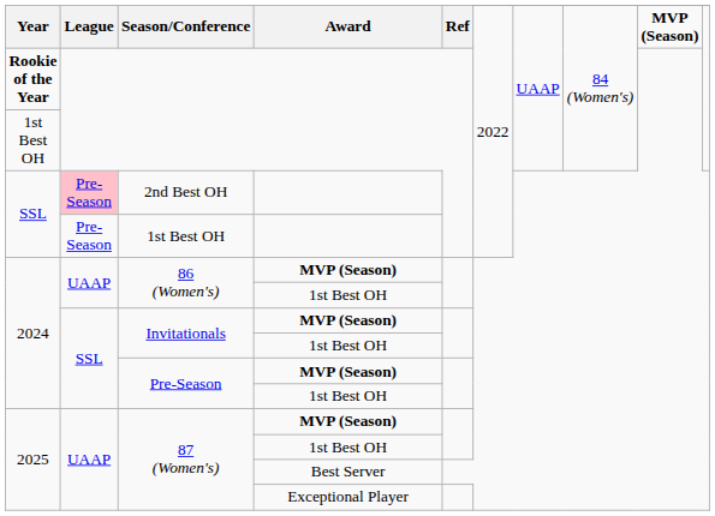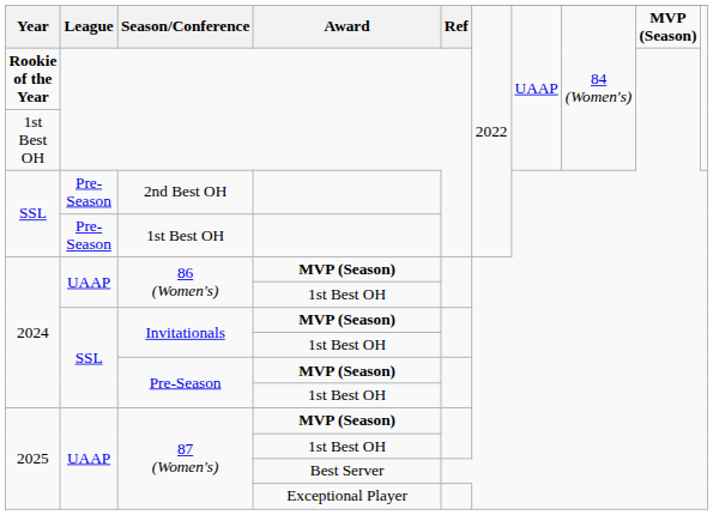 <table class="wikitable sortable" style="text-align:center" width="80%">
 <tr>
 <th style="width:5px;" rowspan="2">Year</th>
 <th style="width:5px;" rowspan="2">League</th>
 <th style="width:10px;" rowspan="2">Season/Conference</th>
 <th style="width:250px;" rowspan="2">Award</th>
 <th style="width:5px;" rowspan="2">Ref</th>
 </tr>
 <tr>
 <td rowspan="5">2022</td>
 <td rowspan="3"><a href='#'>UAAP</a></td>
 <td rowspan="3"><a href='#'>84</a><br><em>(Women's)</em></td>
 <td><strong>MVP (Season)</strong></td>
 <td rowspan="3"></td>
 </tr>
 <tr>
 <td><strong>Rookie of the Year</strong></td>
 </tr>
 <tr>
 <td>1st Best OH</td>
 </tr>
 <tr>
 <td rowspan=2><a href='#'>SSL</a></td>
-<td style="background: pink;"><a href='#'>Pre-Season</a></td>
+<td><a href='#'>Pre-Season</a></td>
 <td>2nd Best OH</td>
 <td></td>
 </tr>
 <tr>
 <td><a href='#'>Pre-Season</a></td>
 <td>1st Best OH</td>
 <td></td>
 </tr>
 <tr>
 <td rowspan="6">2024</td>
 <td rowspan="2"><a href='#'>UAAP</a></td>
 <td rowspan="2"><a href='#'>86</a><br><em>(Women's)</em></td>
 <td rowspan="1"><strong>MVP (Season)</strong></td>
 <td rowspan=2></td>
 </tr>
 <tr>
 <td>1st Best OH</td>
 </tr>
 <tr>
 <td rowspan="4"><a href='#'>SSL</a></td>
 <td rowspan="2"><a href='#'>Invitationals</a></td>
 <td rowspan="1"><strong>MVP (Season)</strong></td>
 <td rowspan=2></td>
 </tr>
 <tr>
 <td>1st Best OH</td>
 </tr>
 <tr>
 <td rowspan="2"><a href='#'>Pre-Season</a></td>
 <td rowspan="1"><strong>MVP (Season)</strong></td>
 <td rowspan=2></td>
 </tr>
 <tr>
 <td>1st Best OH</td>
 </tr>
 <tr>
 <td rowspan="6">2025</td>
 <td rowspan="4"><a href='#'>UAAP</a></td>
 <td rowspan="4"><a href='#'>87</a><br><em>(Women's)</em></td>
 <td rowspan="1"><strong>MVP (Season)</strong></td>
 <td rowspan=2></td>
 </tr>
 <tr>
 <td>1st Best OH</td>
 </tr>
 <tr>
 <td>Best Server</td>
 </tr>
 <tr>
 <td>Exceptional Player</td>
 <td rowspan=2></td>
 </tr>
 </table>
